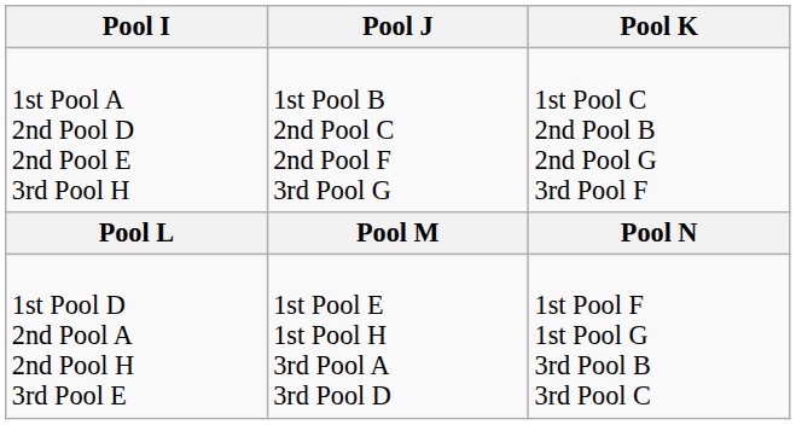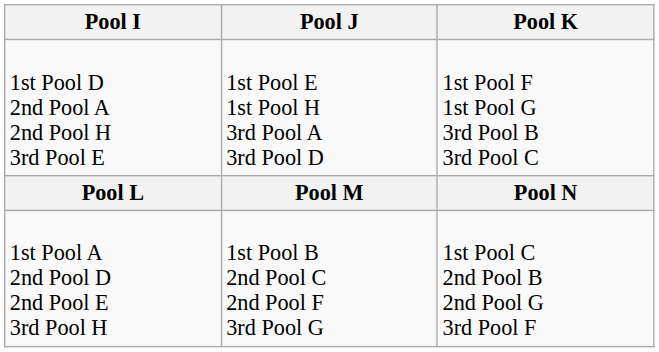 <table class="wikitable" width=75%>
 <tr>
 <th width=33%>Pool I</th>
 <th width=33%>Pool J</th>
 <th width=33%>Pool K</th>
 </tr>
 <tr>
-<td><br>1st Pool A<br> 2nd Pool D<br> 2nd Pool E<br> 3rd Pool H</td>
-<td><br>1st Pool B<br> 2nd Pool C<br> 2nd Pool F<br> 3rd Pool G</td>
-<td><br>1st Pool C<br> 2nd Pool B<br> 2nd Pool G<br> 3rd Pool F</td>
+<td><br>1st Pool D<br> 2nd Pool A<br> 2nd Pool H<br> 3rd Pool E</td>
+<td><br>1st Pool E<br> 1st Pool H<br> 3rd Pool A<br> 3rd Pool D</td>
+<td><br>1st Pool F<br> 1st Pool G<br> 3rd Pool B<br> 3rd Pool C</td>
 </tr>
 <tr>
 <th width=33%>Pool L</th>
 <th width=33%>Pool M</th>
 <th width=33%>Pool N</th>
 </tr>
 <tr>
-<td><br>1st Pool D<br> 2nd Pool A<br> 2nd Pool H<br> 3rd Pool E</td>
-<td><br>1st Pool E<br> 1st Pool H<br> 3rd Pool A<br> 3rd Pool D</td>
-<td><br>1st Pool F<br> 1st Pool G<br> 3rd Pool B<br> 3rd Pool C</td>
+<td><br>1st Pool A<br> 2nd Pool D<br> 2nd Pool E<br> 3rd Pool H</td>
+<td><br>1st Pool B<br> 2nd Pool C<br> 2nd Pool F<br> 3rd Pool G</td>
+<td><br>1st Pool C<br> 2nd Pool B<br> 2nd Pool G<br> 3rd Pool F</td>
 </tr>
 </table>
